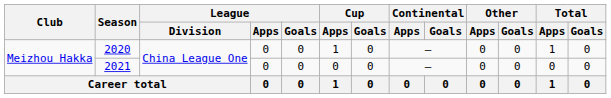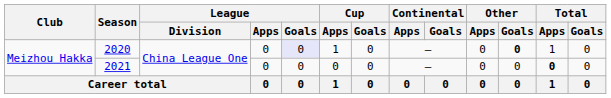 <table class="wikitable" style="text-align: center">
 <tr>
 <th rowspan="2">Club</th>
 <th rowspan="2">Season</th>
 <th colspan="3">League</th>
 <th colspan="2">Cup</th>
 <th colspan="2">Continental</th>
 <th colspan="2">Other</th>
 <th colspan="2">Total</th>
 </tr>
 <tr>
 <th>Division</th>
 <th>Apps</th>
 <th>Goals</th>
 <th>Apps</th>
 <th>Goals</th>
 <th>Apps</th>
 <th>Goals</th>
 <th>Apps</th>
 <th>Goals</th>
 <th>Apps</th>
 <th>Goals</th>
 </tr>
 <tr>
 <td rowspan="2"><a href='#'>Meizhou Hakka</a></td>
 <td><a href='#'>2020</a></td>
 <td rowspan="2"><a href='#'>China League One</a></td>
 <td>0</td>
-<td>0</td>
+<td style="background: lavender;">0</td>
 <td>1</td>
 <td>0</td>
 <td colspan="2">–</td>
 <td>0</td>
-<td>0</td>
+<td><strong>0</strong></td>
 <td>1</td>
 <td>0</td>
 </tr>
 <tr>
 <td><a href='#'>2021</a></td>
 <td>0</td>
 <td>0</td>
 <td>0</td>
 <td>0</td>
 <td colspan="2">–</td>
 <td>0</td>
 <td>0</td>
-<td>0</td>
+<td><strong>0</strong></td>
 <td>0</td>
 </tr>
 <tr>
 <th colspan=3>Career total</th>
 <th>0</th>
 <th>0</th>
 <th>1</th>
 <th>0</th>
 <th>0</th>
 <th>0</th>
 <th>0</th>
 <th>0</th>
 <th>1</th>
 <th>0</th>
 </tr>
 </table>
